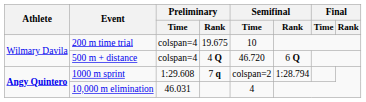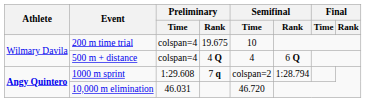 <table class=wikitable style=font-size:90%;text-align:center>
 <tr>
 <th rowspan=2>Athlete</th>
 <th rowspan=2>Event</th>
 <th colspan=2>Preliminary</th>
 <th colspan=2>Semifinal</th>
 <th colspan=2>Final</th>
 </tr>
 <tr style=font-size:95%>
 <th>Time</th>
 <th>Rank</th>
 <th>Time</th>
 <th>Rank</th>
 <th>Time</th>
 <th>Rank</th>
 </tr>
 <tr>
 <td rowspan=2 align=left><a href='#'>Wilmary Davila</a></td>
 <td align=left><a href='#'>200 m time trial</a></td>
 <td>colspan=4 </td>
 <td>19.675</td>
 <td>10</td>
 </tr>
 <tr>
 <td align=left><a href='#'>500 m + distance</a></td>
 <td>colspan=4 </td>
 <td>4 <strong>Q</strong></td>
-<td>46.720</td>
+<td>4</td>
 <td>6 <strong>Q</strong></td>
 <td colspan=2></td>
 </tr>
 <tr>
 <td rowspan=2 align=left><strong><a href='#'>Angy Quintero</a></strong></td>
 <td align=left><a href='#'>1000 m sprint</a></td>
 <td>1:29.608</td>
 <td>7 <strong>q</strong></td>
 <td>colspan=2 </td>
 <td>1:28.794</td>
 <td></td>
 </tr>
 <tr>
 <td align=left><a href='#'>10,000 m elimination</a></td>
 <td>46.031</td>
 <td></td>
-<td>4</td>
+<td>46.720</td>
 </tr>
 </table>
